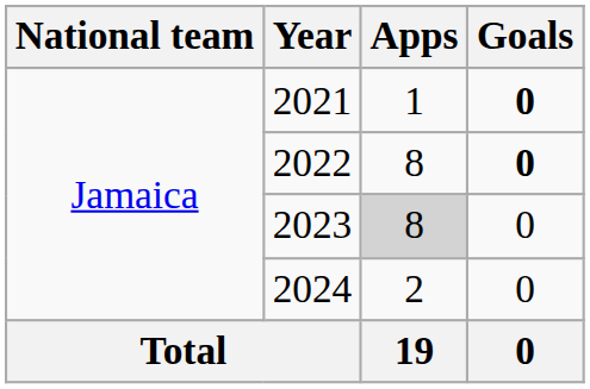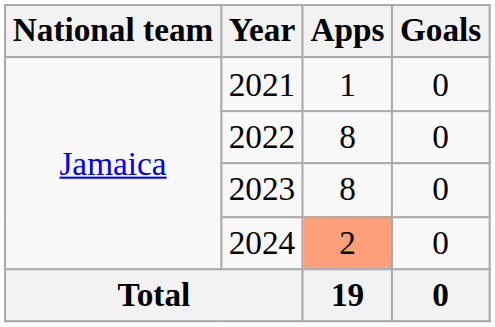 <table class="wikitable" style="text-align:center">
 <tr>
 <th>National team</th>
 <th>Year</th>
 <th>Apps</th>
 <th>Goals</th>
 </tr>
 <tr>
 <td rowspan="4"><a href='#'>Jamaica</a></td>
 <td>2021</td>
 <td>1</td>
-<td><strong>0</strong></td>
+<td>0</td>
 </tr>
 <tr>
 <td>2022</td>
 <td>8</td>
-<td><strong>0</strong></td>
+<td>0</td>
 </tr>
 <tr>
 <td>2023</td>
-<td style="background: lightgrey;">8</td>
+<td>8</td>
 <td>0</td>
 </tr>
 <tr>
 <td>2024</td>
-<td>2</td>
+<td style="background: lightsalmon;">2</td>
 <td>0</td>
 </tr>
 <tr>
 <th colspan="2">Total</th>
 <th>19</th>
 <th>0</th>
 </tr>
 </table>
